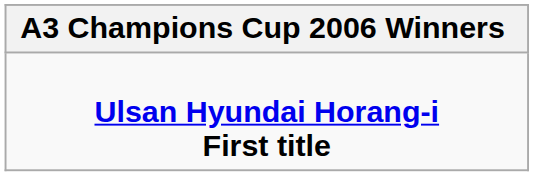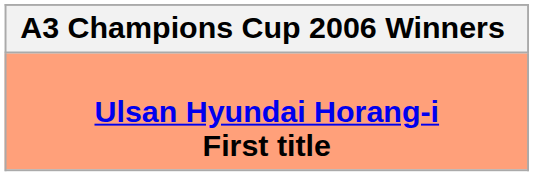 <table class="wikitable" style="text-align: center; margin: 0 auto;">
 <tr>
 <th> A3 Champions Cup 2006 Winners  </th>
 </tr>
 <tr>
-<td> <br> <strong><a href='#'>Ulsan Hyundai Horang-i</a> <br> First title</strong></td>
+<td style="background: lightsalmon;"> <br> <strong><a href='#'>Ulsan Hyundai Horang-i</a> <br> First title</strong></td>
 </tr>
 </table>
